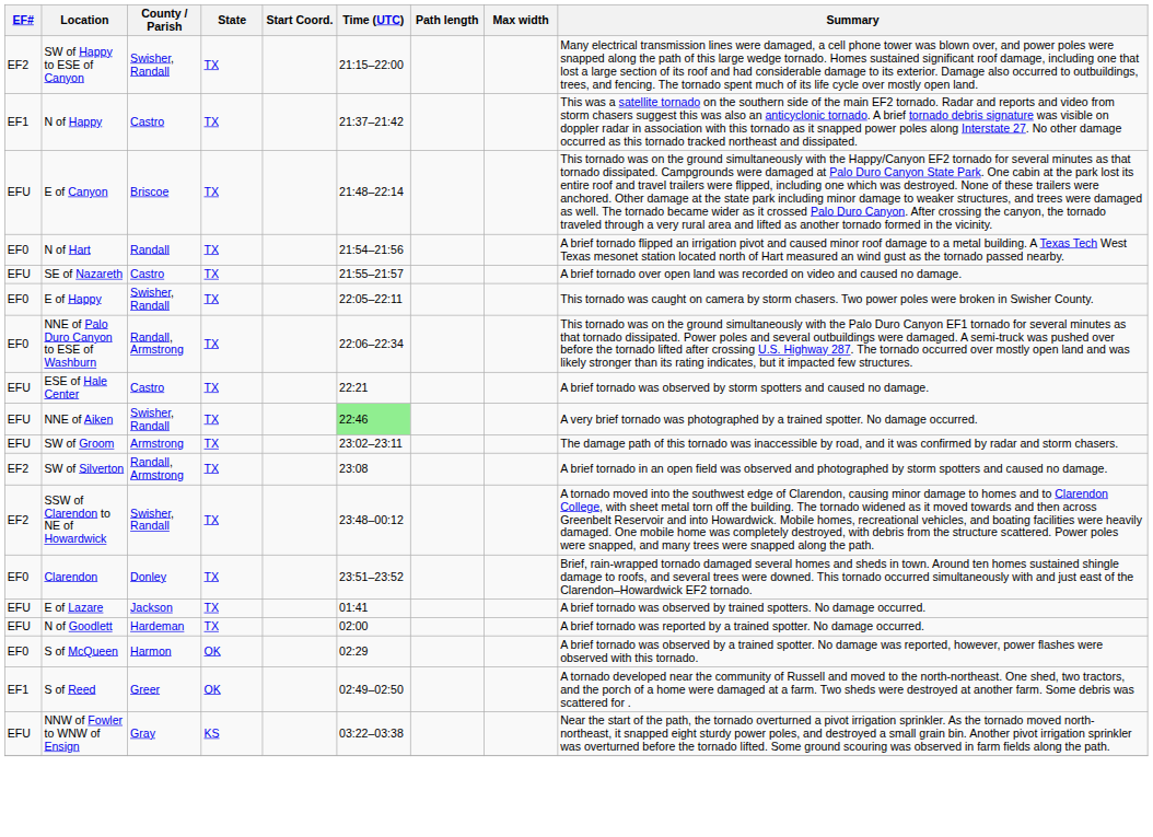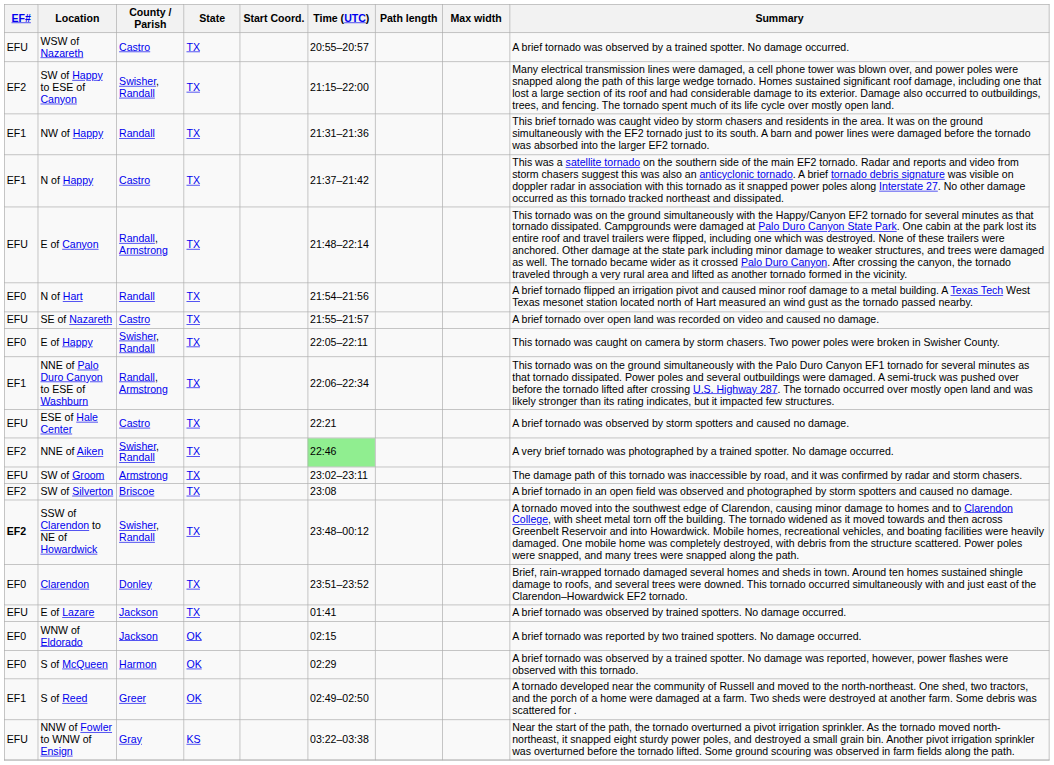 <table class="wikitable sortable" style="width:100%;">
 <tr>
 <th scope="col"  style="width:3%; text-align:center;"><a href='#'>EF#</a></th>
 <th scope="col"  style="width:7%; text-align:center;" class="unsortable">Location</th>
 <th scope="col"  style="width:6%; text-align:center;" class="unsortable">County / Parish</th>
 <th scope="col"  style="width:5%; text-align:center;">State</th>
 <th scope="col"  style="width:6%; text-align:center;">Start Coord.</th>
 <th scope="col"  style="width:6%; text-align:center;">Time (<a href='#'>UTC</a>)</th>
 <th scope="col"  style="width:6%; text-align:center;">Path length</th>
 <th scope="col"  style="width:6%; text-align:center;">Max width</th>
 <th scope="col" class="unsortable" style="width:48%; text-align:center;">Summary</th>
 </tr>
 <tr>
+<td>EFU</td>
+<td>WSW of <a href='#'>Nazareth</a></td>
+<td><a href='#'>Castro</a></td>
+<td><a href='#'>TX</a></td>
+<td></td>
+<td>20:55–20:57</td>
+<td></td>
+<td></td>
+<td>A brief tornado was observed by a trained spotter. No damage occurred.</td>
+</tr>
+<tr>
 <td>EF2</td>
 <td>SW of <a href='#'>Happy</a> to ESE of <a href='#'>Canyon</a></td>
 <td><a href='#'>Swisher</a>, <a href='#'>Randall</a></td>
 <td><a href='#'>TX</a></td>
 <td></td>
 <td>21:15–22:00</td>
 <td></td>
 <td></td>
 <td>Many electrical transmission lines were damaged, a cell phone tower was blown over, and power poles were snapped along the path of this large wedge tornado. Homes sustained significant roof damage, including one that lost a large section of its roof and had considerable damage to its exterior. Damage also occurred to outbuildings, trees, and fencing. The tornado spent much of its life cycle over mostly open land.</td>
+</tr>
+<tr>
+<td>EF1</td>
+<td>NW of <a href='#'>Happy</a></td>
+<td><a href='#'>Randall</a></td>
+<td><a href='#'>TX</a></td>
+<td></td>
+<td>21:31–21:36</td>
+<td></td>
+<td></td>
+<td>This brief tornado was caught video by storm chasers and residents in the area. It was on the ground simultaneously with the EF2 tornado just to its south. A barn and power lines were damaged before the tornado was absorbed into the larger EF2 tornado.</td>
 </tr>
 <tr>
 <td>EF1</td>
 <td>N of <a href='#'>Happy</a></td>
 <td><a href='#'>Castro</a></td>
 <td><a href='#'>TX</a></td>
 <td></td>
 <td>21:37–21:42</td>
 <td></td>
 <td></td>
 <td>This was a <a href='#'>satellite tornado</a> on the southern side of the main EF2 tornado. Radar and reports and video from storm chasers suggest this was also an <a href='#'>anticyclonic tornado</a>. A brief <a href='#'>tornado debris signature</a> was visible on doppler radar in association with this tornado as it snapped power poles along <a href='#'>Interstate 27</a>. No other damage occurred as this tornado tracked northeast and dissipated.</td>
 </tr>
 <tr>
 <td>EFU</td>
 <td>E of <a href='#'>Canyon</a></td>
-<td><a href='#'>Briscoe</a></td>
+<td><a href='#'>Randall</a>, <a href='#'>Armstrong</a></td>
 <td><a href='#'>TX</a></td>
 <td></td>
 <td>21:48–22:14</td>
 <td></td>
 <td></td>
 <td>This tornado was on the ground simultaneously with the Happy/Canyon EF2 tornado for several minutes as that tornado dissipated. Campgrounds were damaged at <a href='#'>Palo Duro Canyon State Park</a>. One cabin at the park lost its entire roof and travel trailers were flipped, including one which was destroyed. None of these trailers were anchored. Other damage at the state park including minor damage to weaker structures, and trees were damaged as well. The tornado became wider as it crossed <a href='#'>Palo Duro Canyon</a>. After crossing the canyon, the tornado traveled through a very rural area and lifted as another tornado formed in the vicinity.</td>
 </tr>
 <tr>
 <td>EF0</td>
 <td>N of <a href='#'>Hart</a></td>
 <td><a href='#'>Randall</a></td>
 <td><a href='#'>TX</a></td>
 <td></td>
 <td>21:54–21:56</td>
 <td></td>
 <td></td>
 <td>A brief tornado flipped an irrigation pivot and caused minor roof damage to a metal building. A <a href='#'>Texas Tech</a> West Texas mesonet station located north of Hart measured an  wind gust as the tornado passed nearby.</td>
 </tr>
 <tr>
 <td>EFU</td>
 <td>SE of <a href='#'>Nazareth</a></td>
 <td><a href='#'>Castro</a></td>
 <td><a href='#'>TX</a></td>
 <td></td>
 <td>21:55–21:57</td>
 <td></td>
 <td></td>
 <td>A brief tornado over open land was recorded on video and caused no damage.</td>
 </tr>
 <tr>
 <td>EF0</td>
 <td>E of <a href='#'>Happy</a></td>
 <td><a href='#'>Swisher</a>, <a href='#'>Randall</a></td>
 <td><a href='#'>TX</a></td>
 <td></td>
 <td>22:05–22:11</td>
 <td></td>
 <td></td>
 <td>This tornado was caught on camera by storm chasers. Two power poles were broken in Swisher County.</td>
 </tr>
 <tr>
-<td>EF0</td>
+<td>EF1</td>
 <td>NNE of <a href='#'>Palo Duro Canyon</a> to ESE of <a href='#'>Washburn</a></td>
 <td><a href='#'>Randall</a>, <a href='#'>Armstrong</a></td>
 <td><a href='#'>TX</a></td>
 <td></td>
 <td>22:06–22:34</td>
 <td></td>
 <td></td>
 <td>This tornado was on the ground simultaneously with the Palo Duro Canyon EF1 tornado for several minutes as that tornado dissipated. Power poles and several outbuildings were damaged. A semi-truck was pushed over before the tornado lifted after crossing <a href='#'>U.S. Highway 287</a>. The tornado occurred over mostly open land and was likely stronger than its rating indicates, but it impacted few structures.</td>
 </tr>
 <tr>
 <td>EFU</td>
 <td>ESE of <a href='#'>Hale Center</a></td>
 <td><a href='#'>Castro</a></td>
 <td><a href='#'>TX</a></td>
 <td></td>
 <td>22:21</td>
 <td></td>
 <td></td>
 <td>A brief tornado was observed by storm spotters and caused no damage.</td>
 </tr>
 <tr>
-<td>EFU</td>
+<td>EF2</td>
 <td>NNE of <a href='#'>Aiken</a></td>
 <td><a href='#'>Swisher</a>, <a href='#'>Randall</a></td>
 <td><a href='#'>TX</a></td>
 <td></td>
 <td style="background: lightgreen;">22:46</td>
 <td></td>
 <td></td>
 <td>A very brief tornado was photographed by a trained spotter. No damage occurred.</td>
 </tr>
 <tr>
 <td>EFU</td>
 <td>SW of <a href='#'>Groom</a></td>
 <td><a href='#'>Armstrong</a></td>
 <td><a href='#'>TX</a></td>
 <td></td>
 <td>23:02–23:11</td>
 <td></td>
 <td></td>
 <td>The damage path of this tornado was inaccessible by road, and it was confirmed by radar and storm chasers.</td>
 </tr>
 <tr>
 <td>EF2</td>
 <td>SW of <a href='#'>Silverton</a></td>
-<td><a href='#'>Randall</a>, <a href='#'>Armstrong</a></td>
+<td><a href='#'>Briscoe</a></td>
 <td><a href='#'>TX</a></td>
 <td></td>
 <td>23:08</td>
 <td></td>
 <td></td>
 <td>A brief tornado in an open field was observed and photographed by storm spotters and caused no damage.</td>
 </tr>
 <tr>
-<td>EF2</td>
+<td><strong>EF2</strong></td>
 <td>SSW of <a href='#'>Clarendon</a> to NE of <a href='#'>Howardwick</a></td>
 <td><a href='#'>Swisher</a>, <a href='#'>Randall</a></td>
 <td><a href='#'>TX</a></td>
 <td></td>
 <td>23:48–00:12</td>
 <td></td>
 <td></td>
 <td>A tornado moved into the southwest edge of Clarendon, causing minor damage to homes and to <a href='#'>Clarendon College</a>, with sheet metal torn off the building. The tornado widened as it moved towards and then across Greenbelt Reservoir and into Howardwick. Mobile homes, recreational vehicles, and boating facilities were heavily damaged. One mobile home was completely destroyed, with debris from the structure scattered. Power poles were snapped, and many trees were snapped along the path.</td>
 </tr>
 <tr>
 <td>EF0</td>
 <td><a href='#'>Clarendon</a></td>
 <td><a href='#'>Donley</a></td>
 <td><a href='#'>TX</a></td>
 <td></td>
 <td>23:51–23:52</td>
 <td></td>
 <td></td>
 <td>Brief, rain-wrapped tornado damaged several homes and sheds in town. Around ten homes sustained shingle damage to roofs, and several trees were downed. This tornado occurred simultaneously with and just east of the Clarendon–Howardwick EF2 tornado.</td>
 </tr>
 <tr>
 <td>EFU</td>
 <td>E of <a href='#'>Lazare</a></td>
 <td><a href='#'>Jackson</a></td>
 <td><a href='#'>TX</a></td>
 <td></td>
 <td>01:41</td>
 <td></td>
 <td></td>
 <td>A brief tornado was observed by trained spotters. No damage occurred.</td>
 </tr>
 <tr>
-<td>EFU</td>
-<td>N of <a href='#'>Goodlett</a></td>
-<td><a href='#'>Hardeman</a></td>
-<td><a href='#'>TX</a></td>
+<td>EF0</td>
+<td>WNW of <a href='#'>Eldorado</a></td>
+<td><a href='#'>Jackson</a></td>
+<td><a href='#'>OK</a></td>
 <td></td>
-<td>02:00</td>
+<td>02:15</td>
 <td></td>
 <td></td>
-<td>A brief tornado was reported by a trained spotter. No damage occurred.</td>
+<td>A brief tornado was reported by two trained spotters. No damage occurred.</td>
 </tr>
 <tr>
 <td>EF0</td>
 <td>S of <a href='#'>McQueen</a></td>
 <td><a href='#'>Harmon</a></td>
 <td><a href='#'>OK</a></td>
 <td></td>
 <td>02:29</td>
 <td></td>
 <td></td>
 <td>A brief tornado was observed by a trained spotter. No damage was reported, however, power flashes were observed with this tornado.</td>
 </tr>
 <tr>
 <td>EF1</td>
 <td>S of <a href='#'>Reed</a></td>
 <td><a href='#'>Greer</a></td>
 <td><a href='#'>OK</a></td>
 <td></td>
 <td>02:49–02:50</td>
 <td></td>
 <td></td>
 <td>A tornado developed near the community of Russell and moved to the north-northeast. One shed, two tractors, and the porch of a home were damaged at a farm. Two sheds were destroyed at another farm. Some debris was scattered for .</td>
 </tr>
 <tr>
 <td>EFU</td>
 <td>NNW of <a href='#'>Fowler</a> to WNW of <a href='#'>Ensign</a></td>
 <td><a href='#'>Gray</a></td>
 <td><a href='#'>KS</a></td>
 <td></td>
 <td>03:22–03:38</td>
 <td></td>
 <td></td>
 <td>Near the start of the path, the tornado overturned a pivot irrigation sprinkler. As the tornado moved north-northeast, it snapped eight sturdy power poles, and destroyed a small grain bin. Another pivot irrigation sprinkler was overturned before the tornado lifted. Some ground scouring was observed in farm fields along the path.</td>
 </tr>
 <tr>
 </tr>
 </table>
